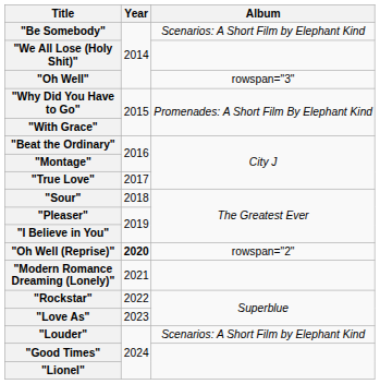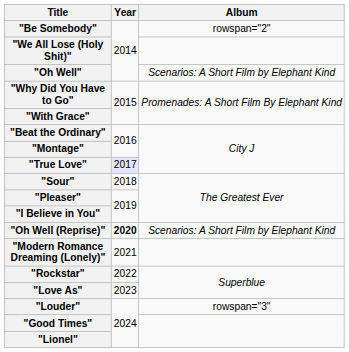 <table class="wikitable plainrowheaders" style="text-align:center;" border="1">
 <tr>
 <th scope="col" style="width:10em;">Title</th>
 <th scope="col">Year</th>
 <th scope="col">Album</th>
 </tr>
 <tr>
 <th scope="row">"Be Somebody"</th>
 <td rowspan="3">2014</td>
-<td><em>Scenarios: A Short Film by Elephant Kind</em></td>
+<td>rowspan="2" </td>
 </tr>
 <tr>
 <th scope="row">"We All Lose (Holy Shit)"</th>
 </tr>
 <tr>
 <th scope="row">"Oh Well"</th>
-<td>rowspan="3" </td>
+<td><em>Scenarios: A Short Film by Elephant Kind</em></td>
 </tr>
 <tr>
 <th scope="row">"Why Did You Have to Go"</th>
 <td rowspan="2">2015</td>
 <td rowspan="2"><em>Promenades: A Short Film By Elephant Kind</em></td>
 </tr>
 <tr>
 <th scope="row">"With Grace"</th>
 </tr>
 <tr>
 <th scope="row">"Beat the Ordinary"</th>
 <td rowspan="2">2016</td>
 <td rowspan="3"><em>City J</em></td>
 </tr>
 <tr>
 <th scope="row">"Montage"</th>
 </tr>
 <tr>
 <th scope="row">"True Love"</th>
-<td>2017</td>
+<td style="background: lavender;">2017</td>
 </tr>
 <tr>
 <th scope="row">"Sour"</th>
 <td>2018</td>
 <td rowspan="3"><em>The Greatest Ever</em></td>
 </tr>
 <tr>
 <th scope="row">"Pleaser"</th>
 <td rowspan="2">2019</td>
 </tr>
 <tr>
 <th scope="row">"I Believe in You"</th>
 </tr>
 <tr>
 <th scope="row">"Oh Well (Reprise)"</th>
 <td><strong>2020</strong></td>
-<td>rowspan="2" </td>
+<td><em>Scenarios: A Short Film by Elephant Kind</em></td>
 </tr>
 <tr>
 <th scope="row">"Modern Romance Dreaming (Lonely)"</th>
 <td>2021</td>
 </tr>
 <tr>
 <th scope="row">"Rockstar"</th>
 <td>2022</td>
 <td rowspan="2"><em>Superblue</em></td>
 </tr>
 <tr>
 <th scope="row">"Love As"</th>
 <td>2023</td>
 </tr>
 <tr>
 <th scope="row">"Louder"</th>
 <td rowspan="3">2024</td>
-<td><em>Scenarios: A Short Film by Elephant Kind</em></td>
+<td>rowspan="3" </td>
 </tr>
 <tr>
 <th scope="row">"Good Times"</th>
 </tr>
 <tr>
 <th scope="row">"Lionel"</th>
 </tr>
 </table>
